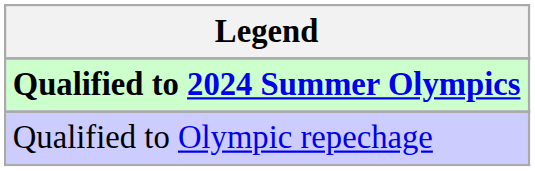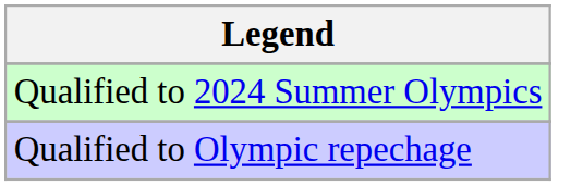 <table class="wikitable" style="font-size:92%;">
 <tr>
 <th colspan=2>Legend</th>
 </tr>
 <tr>
 </tr>
 <tr bgcolor=#cfc>
-<td><strong>Qualified to <a href='#'>2024 Summer Olympics</a></strong></td>
+<td>Qualified to <a href='#'>2024 Summer Olympics</a></td>
 </tr>
 <tr>
 </tr>
 <tr bgcolor=#ccf>
 <td>Qualified to <a href='#'>Olympic repechage</a></td>
 </tr>
 </table>
